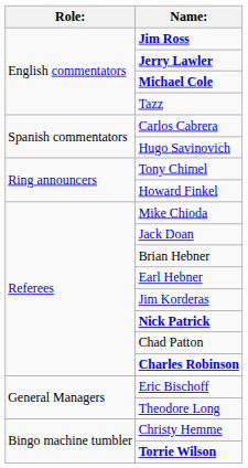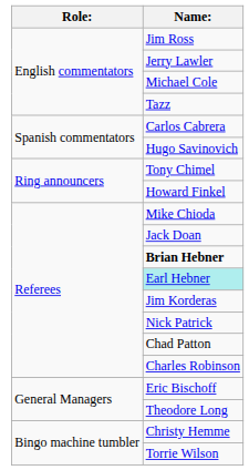 <table class=wikitable style="font-size:90%; margin: 0.5em 0 0.5em 1em; float: right; clear: right;">
 <tr>
 <th>Role:</th>
 <th>Name:</th>
 </tr>
 <tr>
 <td rowspan=4>English <a href='#'>commentators</a></td>
-<td><strong><a href='#'>Jim Ross</a> </strong></td>
+<td><a href='#'>Jim Ross</a> </td>
 </tr>
 <tr>
-<td><strong><a href='#'>Jerry Lawler</a> </strong></td>
+<td><a href='#'>Jerry Lawler</a> </td>
 </tr>
 <tr>
-<td><strong><a href='#'>Michael Cole</a> </strong></td>
+<td><a href='#'>Michael Cole</a> </td>
 </tr>
 <tr>
 <td><a href='#'>Tazz</a> </td>
 </tr>
 <tr>
 <td rowspan=2>Spanish commentators</td>
 <td><a href='#'>Carlos Cabrera</a> </td>
 </tr>
 <tr>
 <td><a href='#'>Hugo Savinovich</a> </td>
 </tr>
 <tr>
 <td rowspan=2><a href='#'>Ring announcers</a></td>
 <td><a href='#'>Tony Chimel</a> </td>
 </tr>
 <tr>
 <td><a href='#'>Howard Finkel</a> </td>
 </tr>
 <tr>
 <td rowspan=8><a href='#'>Referees</a></td>
 <td><a href='#'>Mike Chioda</a> </td>
 </tr>
 <tr>
 <td><a href='#'>Jack Doan</a> </td>
 </tr>
 <tr>
-<td>Brian Hebner </td>
+<td><strong>Brian Hebner </strong></td>
 </tr>
 <tr>
-<td><a href='#'>Earl Hebner</a> </td>
+<td style="background: paleturquoise;"><a href='#'>Earl Hebner</a> </td>
 </tr>
 <tr>
 <td><a href='#'>Jim Korderas</a> </td>
 </tr>
 <tr>
-<td><strong><a href='#'>Nick Patrick</a> </strong></td>
+<td><a href='#'>Nick Patrick</a> </td>
 </tr>
 <tr>
 <td>Chad Patton </td>
 </tr>
 <tr>
-<td><strong><a href='#'>Charles Robinson</a> </strong></td>
+<td><a href='#'>Charles Robinson</a> </td>
 </tr>
 <tr>
 <td rowspan=2>General Managers</td>
 <td><a href='#'>Eric Bischoff</a> </td>
 </tr>
 <tr>
 <td><a href='#'>Theodore Long</a> </td>
 </tr>
 <tr>
 <td rowspan=2>Bingo machine tumbler</td>
 <td><a href='#'>Christy Hemme</a> </td>
 </tr>
 <tr>
-<td><strong><a href='#'>Torrie Wilson</a> </strong></td>
+<td><a href='#'>Torrie Wilson</a> </td>
 </tr>
 </table>
